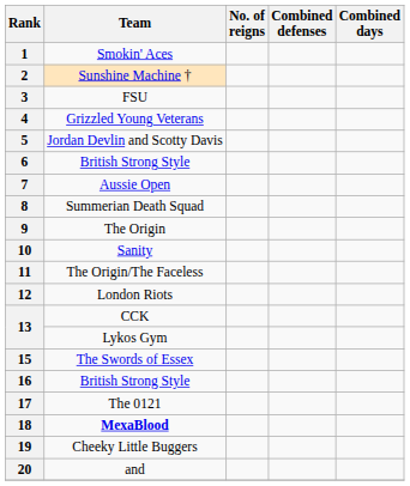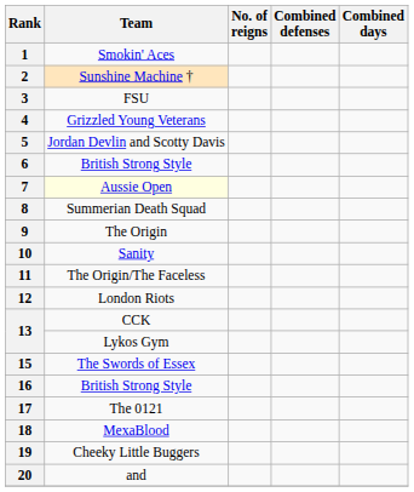 <table class="wikitable sortable" style="text-align: center">
 <tr>
 <th>Rank</th>
 <th>Team</th>
 <th>No. of<br>reigns</th>
 <th>Combined<br>defenses</th>
 <th>Combined<br>days</th>
 </tr>
 <tr>
 <th>1</th>
 <td><a href='#'>Smokin' Aces<br></a></td>
 <td></td>
 <td></td>
 <td></td>
 </tr>
 <tr>
 <th>2</th>
 <td style="background-color:#ffe6bd"><a href='#'>Sunshine Machine</a> †<br></td>
 <td></td>
 <td></td>
 <td></td>
 </tr>
 <tr>
 <th>3</th>
 <td>FSU <br></td>
 <td></td>
 <td></td>
 <td></td>
 </tr>
 <tr>
 <th>4</th>
 <td><a href='#'>Grizzled Young Veterans</a> <br></td>
 <td></td>
 <td></td>
 <td></td>
 </tr>
 <tr>
 <th>5</th>
 <td><a href='#'>Jordan Devlin</a> and Scotty Davis</td>
 <td></td>
 <td></td>
 <td></td>
 </tr>
 <tr>
 <th>6</th>
 <td><a href='#'>British Strong Style</a> <br></td>
 <td></td>
 <td></td>
 <td></td>
 </tr>
 <tr>
 <th>7</th>
-<td><a href='#'>Aussie Open</a> <br></td>
+<td style="background: lightyellow;"><a href='#'>Aussie Open</a> <br></td>
 <td></td>
 <td></td>
 <td></td>
 </tr>
 <tr>
 <th>8</th>
 <td>Summerian Death Squad <br></td>
 <td></td>
 <td></td>
 <td></td>
 </tr>
 <tr>
 <th>9</th>
 <td>The Origin <br></td>
 <td></td>
 <td></td>
 <td></td>
 </tr>
 <tr>
 <th>10</th>
 <td><a href='#'>Sanity</a><br></td>
 <td></td>
 <td></td>
 <td></td>
 </tr>
 <tr>
 <th>11</th>
 <td>The Origin/The Faceless <br></td>
 <td></td>
 <td></td>
 <td></td>
 </tr>
 <tr>
 <th>12</th>
 <td>London Riots <br></td>
 <td></td>
 <td></td>
 <td></td>
 </tr>
 <tr>
 <th rowspan=2>13</th>
 <td>CCK<br></td>
 <td></td>
 <td></td>
 <td></td>
 </tr>
 <tr>
 <td>Lykos Gym <br></td>
 <td></td>
 <td></td>
 <td></td>
 </tr>
 <tr>
 <th>15</th>
 <td><a href='#'>The Swords of Essex</a><br></td>
 <td></td>
 <td></td>
 <td></td>
 </tr>
 <tr>
 <th>16</th>
 <td><a href='#'>British Strong Style</a> <br></td>
 <td></td>
 <td></td>
 <td></td>
 </tr>
 <tr>
 <th>17</th>
 <td>The 0121<br></td>
 <td></td>
 <td></td>
 <td></td>
 </tr>
 <tr>
 <th>18</th>
-<td><strong><a href='#'>MexaBlood</a><br></strong></td>
+<td><a href='#'>MexaBlood</a><br></td>
 <td></td>
 <td></td>
 <td></td>
 </tr>
 <tr>
 <th>19</th>
 <td>Cheeky Little Buggers<br></td>
 <td></td>
 <td></td>
 <td></td>
 </tr>
 <tr>
 <th>20</th>
 <td> and </td>
 <td></td>
 <td></td>
 <td></td>
 </tr>
 <tr>
 </tr>
 </table>
